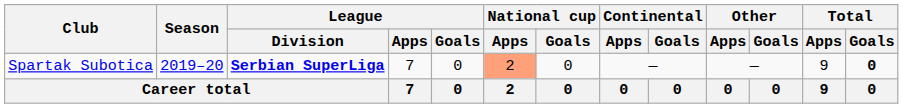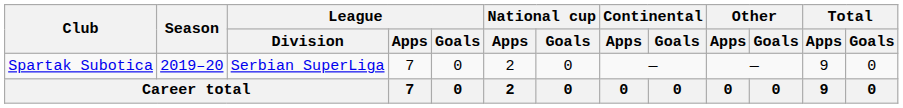 <table class="wikitable" style="text-align: center">
 <tr>
 <th rowspan="2">Club</th>
 <th rowspan="2">Season</th>
 <th colspan="3">League</th>
 <th colspan="2">National cup</th>
 <th colspan="2">Continental</th>
 <th colspan="2">Other</th>
 <th colspan="2">Total</th>
 </tr>
 <tr>
 <th>Division</th>
 <th>Apps</th>
 <th>Goals</th>
 <th>Apps</th>
 <th>Goals</th>
 <th>Apps</th>
 <th>Goals</th>
 <th>Apps</th>
 <th>Goals</th>
 <th>Apps</th>
 <th>Goals</th>
 </tr>
 <tr>
 <td><a href='#'>Spartak Subotica</a></td>
 <td><a href='#'>2019–20</a></td>
-<td><strong><a href='#'>Serbian SuperLiga</a></strong></td>
+<td><a href='#'>Serbian SuperLiga</a></td>
 <td>7</td>
 <td>0</td>
-<td style="background: lightsalmon;">2</td>
+<td>2</td>
 <td>0</td>
 <td colspan="2">—</td>
 <td colspan="2">—</td>
 <td>9</td>
-<td><strong>0</strong></td>
+<td>0</td>
 </tr>
 <tr>
 <th colspan="3">Career total</th>
 <th>7</th>
 <th>0</th>
 <th>2</th>
 <th>0</th>
 <th>0</th>
 <th>0</th>
 <th>0</th>
 <th>0</th>
 <th>9</th>
 <th>0</th>
 </tr>
 </table>
